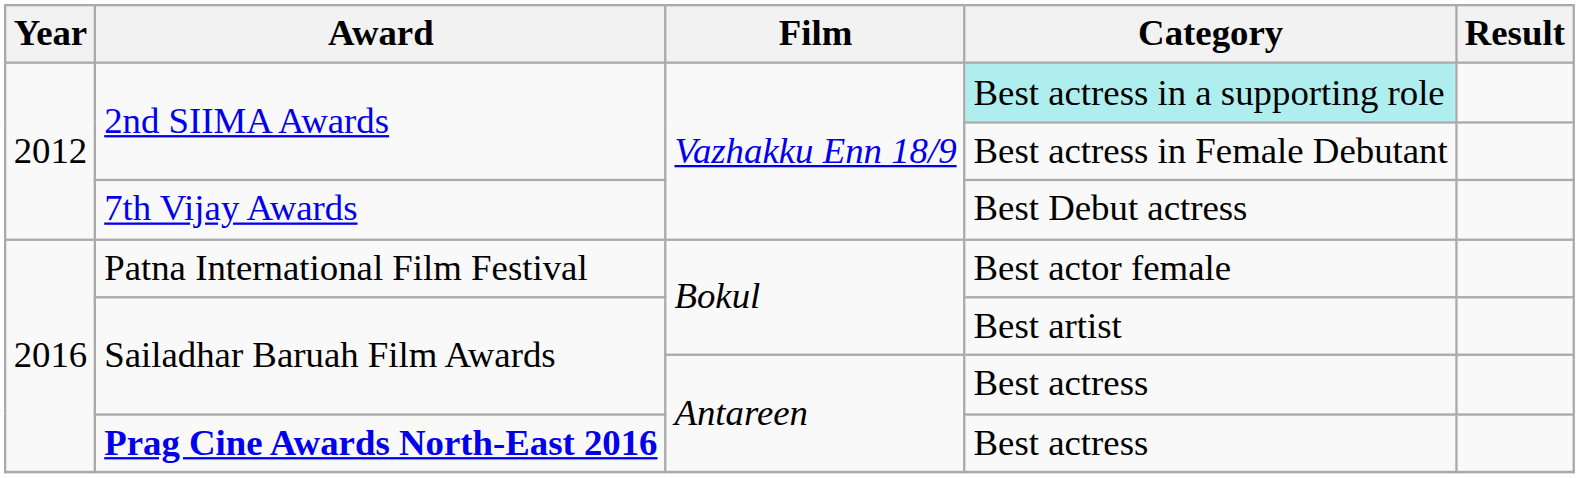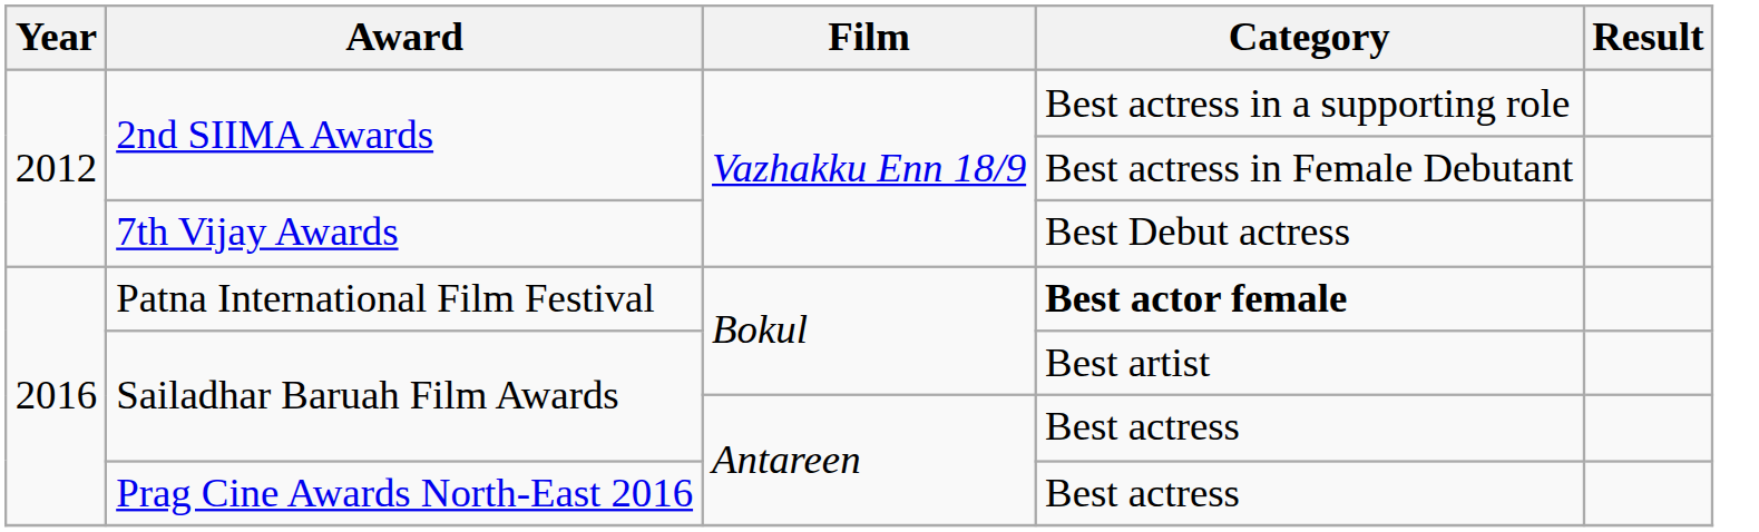 <table class="wikitable">
 <tr>
 <th>Year</th>
 <th>Award</th>
 <th>Film</th>
 <th>Category</th>
 <th>Result</th>
 </tr>
 <tr>
 <td rowspan="3">2012</td>
 <td rowspan="2"><a href='#'>2nd SIIMA Awards</a></td>
 <td rowspan="3"><em><a href='#'>Vazhakku Enn 18/9</a></em></td>
-<td style="background: paleturquoise;">Best actress in a supporting role</td>
+<td>Best actress in a supporting role</td>
 <td></td>
 </tr>
 <tr>
 <td>Best actress in Female Debutant</td>
 <td></td>
 </tr>
 <tr>
 <td><a href='#'>7th Vijay Awards</a></td>
 <td>Best Debut actress</td>
 <td></td>
 </tr>
 <tr>
 <td rowspan="4">2016</td>
 <td>Patna International Film Festival</td>
 <td rowspan="2"><em>Bokul</em></td>
-<td>Best actor female</td>
+<td><strong>Best actor female</strong></td>
 <td></td>
 </tr>
 <tr>
 <td rowspan="2">Sailadhar Baruah Film Awards</td>
 <td>Best artist</td>
 <td></td>
 </tr>
 <tr>
 <td rowspan="2"><em>Antareen</em></td>
 <td>Best actress</td>
 <td></td>
 </tr>
 <tr>
-<td><strong><a href='#'>Prag Cine Awards North-East 2016</a></strong></td>
+<td><a href='#'>Prag Cine Awards North-East 2016</a></td>
 <td>Best actress</td>
 <td></td>
 </tr>
 <tr 7th Assam State Awards Best Actor (Female)>
 </tr>
 </table>
